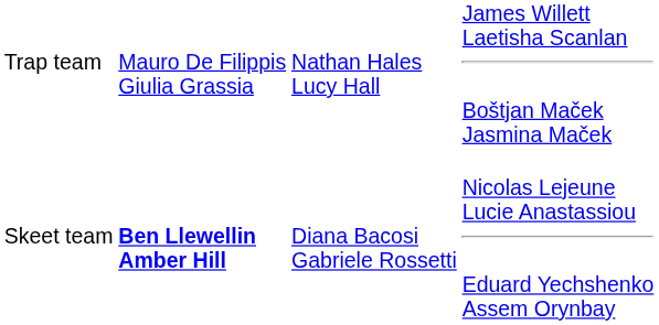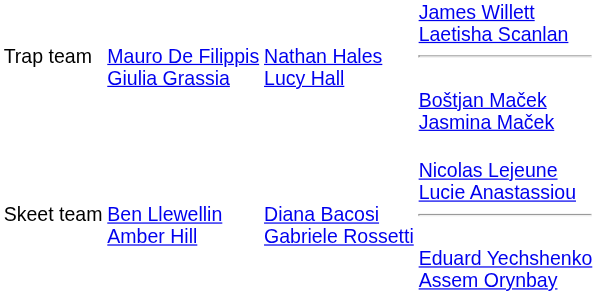 <table>
 <tr>
 <td>Trap team<br></td>
 <td><br><a href='#'>Mauro De Filippis</a><br><a href='#'>Giulia Grassia</a></td>
 <td><br><a href='#'>Nathan Hales</a><br><a href='#'>Lucy Hall</a></td>
 <td><br><a href='#'>James Willett</a><br><a href='#'>Laetisha Scanlan</a><hr><br><a href='#'>Boštjan Maček</a><br><a href='#'>Jasmina Maček</a></td>
 </tr>
 <tr>
 <td>Skeet team<br></td>
-<td><strong><br><a href='#'>Ben Llewellin</a><br><a href='#'>Amber Hill</a></strong></td>
+<td><br><a href='#'>Ben Llewellin</a><br><a href='#'>Amber Hill</a></td>
 <td><br><a href='#'>Diana Bacosi</a><br><a href='#'>Gabriele Rossetti</a></td>
 <td><br><a href='#'>Nicolas Lejeune</a><br><a href='#'>Lucie Anastassiou</a><hr><br><a href='#'>Eduard Yechshenko</a><br><a href='#'>Assem Orynbay</a></td>
 </tr>
 </table>
